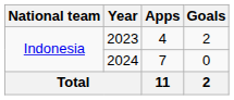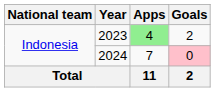 <table class="wikitable" style="text-align:center">
 <tr>
 <th>National team</th>
 <th>Year</th>
 <th>Apps</th>
 <th>Goals</th>
 </tr>
 <tr>
 <td rowspan="2"><a href='#'>Indonesia</a></td>
 <td>2023</td>
-<td>4</td>
+<td style="background: lightgreen;">4</td>
 <td>2</td>
 </tr>
 <tr>
 <td>2024</td>
 <td>7</td>
-<td>0</td>
+<td style="background: pink;">0</td>
 </tr>
 <tr>
 <th colspan="2">Total</th>
 <th>11</th>
 <th>2</th>
 </tr>
 </table>
